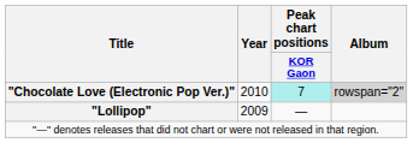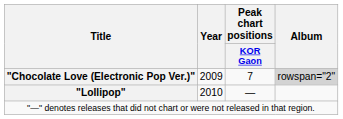 <table class="wikitable plainrowheaders" style="text-align:center">
 <tr>
 <th scope="col" rowspan="2">Title</th>
 <th scope="col" rowspan="2">Year</th>
 <th scope="col" colspan="1">Peak chart positions</th>
 <th scope="col" rowspan="2">Album</th>
 </tr>
 <tr>
 <th scope="col" style="width:2.8em;font-size:90%"><a href='#'>KOR<br>Gaon</a></th>
 </tr>
 <tr>
 <th scope="row">"Chocolate Love (Electronic Pop Ver.)"</th>
-<td>2010</td>
-<td style="background: paleturquoise;">7</td>
+<td>2009</td>
+<td>7</td>
 <td style="background: lightgrey;">rowspan="2" </td>
 </tr>
 <tr>
 <th scope="row">"Lollipop" </th>
-<td>2009</td>
+<td>2010</td>
 <td>—</td>
 </tr>
 <tr>
 <td colspan="9" style="font-size:85%">"—" denotes releases that did not chart or were not released in that region.</td>
 </tr>
 </table>
